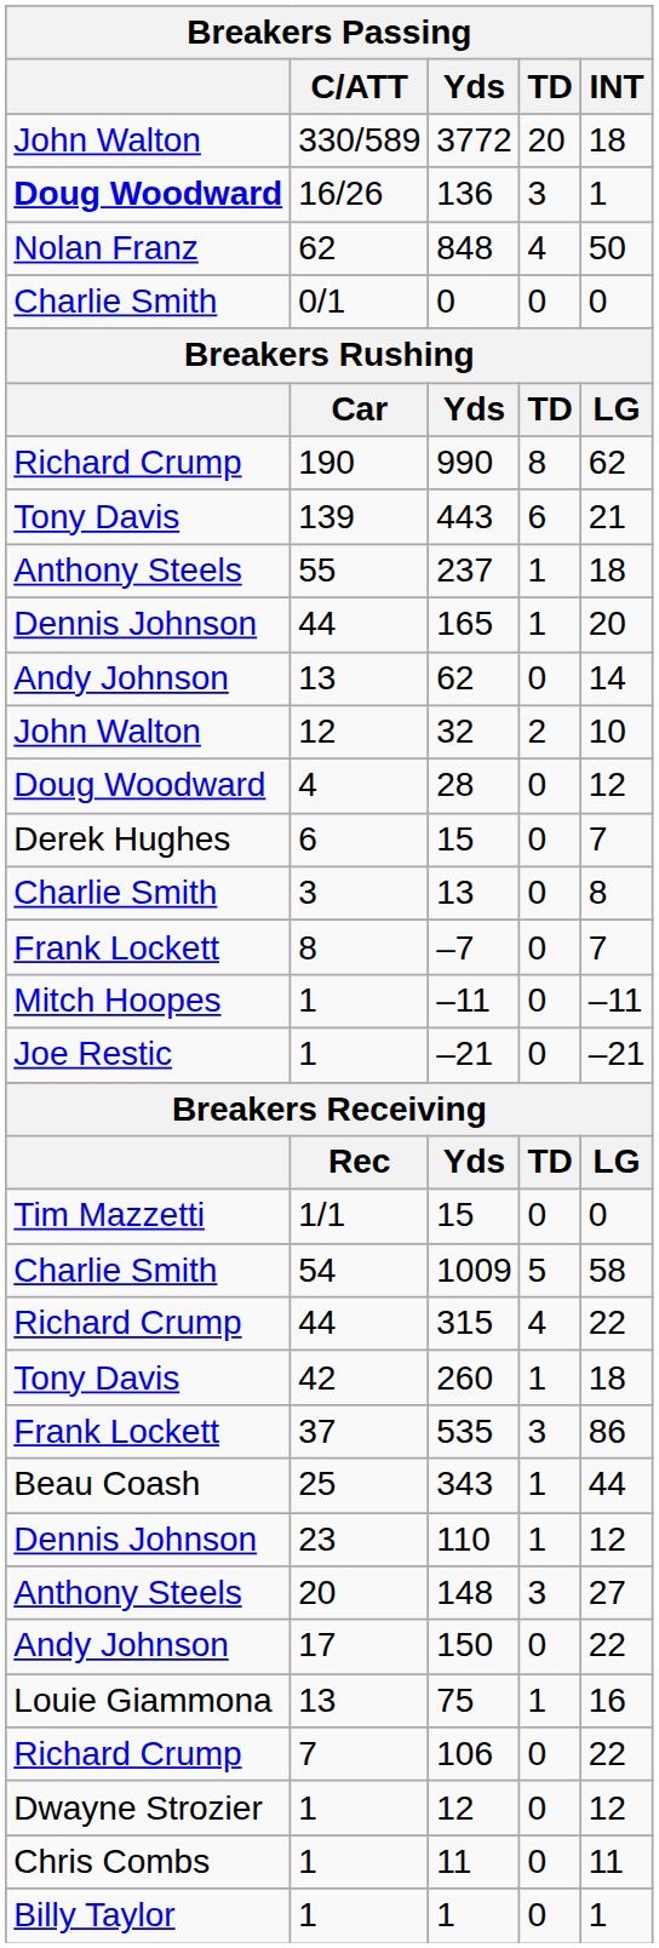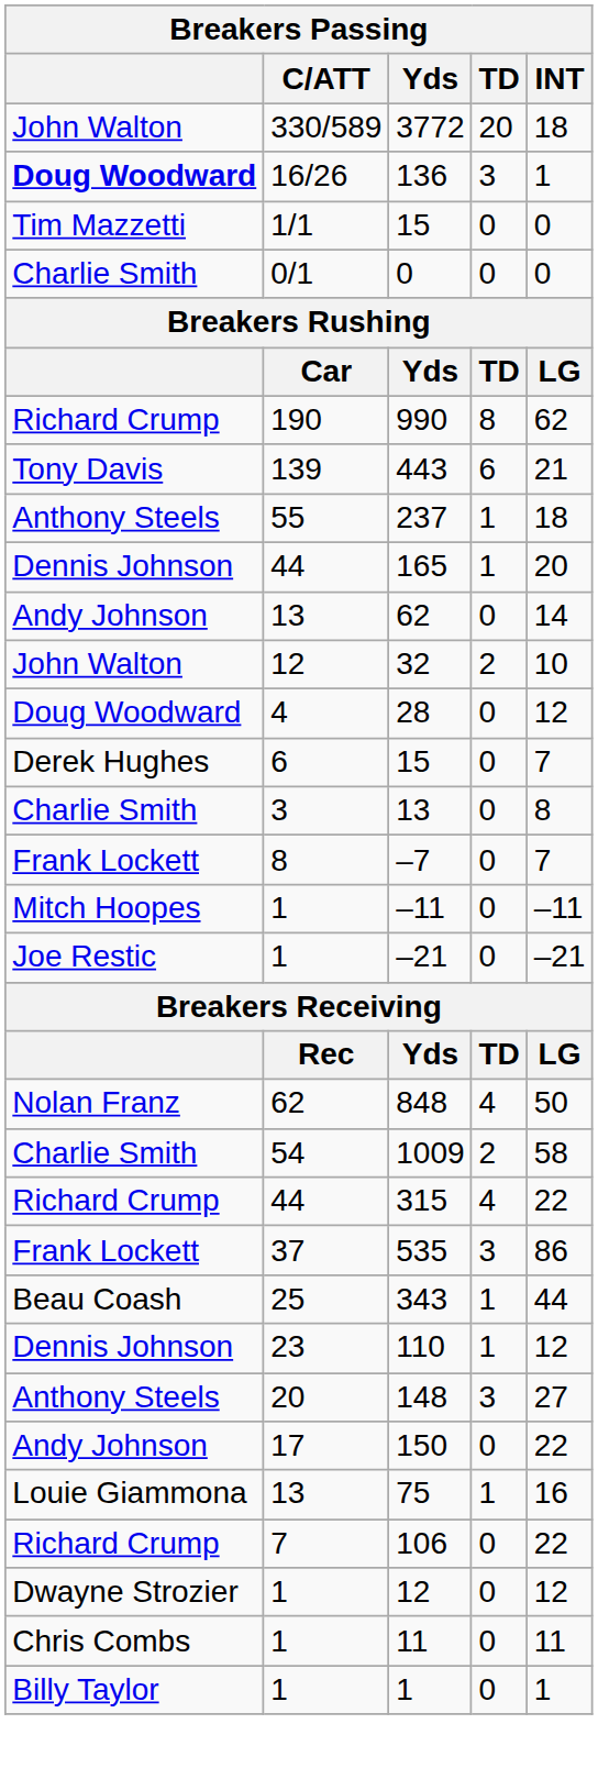 <table class="wikitable">
 <tr>
 <th colspan="5">Breakers Passing</th>
 </tr>
 <tr>
 <th></th>
 <th>C/ATT</th>
 <th>Yds</th>
 <th>TD</th>
 <th>INT</th>
 </tr>
 <tr>
 <td><a href='#'>John Walton</a></td>
 <td>330/589</td>
 <td>3772</td>
 <td>20</td>
 <td>18</td>
 </tr>
 <tr>
 <td><strong><a href='#'>Doug Woodward</a></strong></td>
 <td>16/26</td>
 <td>136</td>
 <td>3</td>
 <td>1</td>
 </tr>
 <tr>
-<td><a href='#'>Nolan Franz</a></td>
-<td>62</td>
-<td>848</td>
-<td>4</td>
-<td>50</td>
+<td><a href='#'>Tim Mazzetti</a></td>
+<td>1/1</td>
+<td>15</td>
+<td>0</td>
+<td>0</td>
 </tr>
 <tr>
 <td><a href='#'>Charlie Smith</a></td>
 <td>0/1</td>
 <td>0</td>
 <td>0</td>
 <td>0</td>
 </tr>
 <tr>
 <th colspan="5">Breakers Rushing</th>
 </tr>
 <tr>
 <th></th>
 <th>Car</th>
 <th>Yds</th>
 <th>TD</th>
 <th>LG</th>
 </tr>
 <tr>
 <td><a href='#'>Richard Crump</a></td>
 <td>190</td>
 <td>990</td>
 <td>8</td>
 <td>62</td>
 </tr>
 <tr>
 <td><a href='#'>Tony Davis</a></td>
 <td>139</td>
 <td>443</td>
 <td>6</td>
 <td>21</td>
 </tr>
 <tr>
 <td><a href='#'>Anthony Steels</a></td>
 <td>55</td>
 <td>237</td>
 <td>1</td>
 <td>18</td>
 </tr>
 <tr>
 <td><a href='#'>Dennis Johnson</a></td>
 <td>44</td>
 <td>165</td>
 <td>1</td>
 <td>20</td>
 </tr>
 <tr>
 <td><a href='#'>Andy Johnson</a></td>
 <td>13</td>
 <td>62</td>
 <td>0</td>
 <td>14</td>
 </tr>
 <tr>
 <td><a href='#'>John Walton</a></td>
 <td>12</td>
 <td>32</td>
 <td>2</td>
 <td>10</td>
 </tr>
 <tr>
 <td><a href='#'>Doug Woodward</a></td>
 <td>4</td>
 <td>28</td>
 <td>0</td>
 <td>12</td>
 </tr>
 <tr>
 <td>Derek Hughes</td>
 <td>6</td>
 <td>15</td>
 <td>0</td>
 <td>7</td>
 </tr>
 <tr>
 <td><a href='#'>Charlie Smith</a></td>
 <td>3</td>
 <td>13</td>
 <td>0</td>
 <td>8</td>
 </tr>
 <tr>
 <td><a href='#'>Frank Lockett</a></td>
 <td>8</td>
 <td>–7</td>
 <td>0</td>
 <td>7</td>
 </tr>
 <tr>
 <td><a href='#'>Mitch Hoopes</a></td>
 <td>1</td>
 <td>–11</td>
 <td>0</td>
 <td>–11</td>
 </tr>
 <tr>
 <td><a href='#'>Joe Restic</a></td>
 <td>1</td>
 <td>–21</td>
 <td>0</td>
 <td>–21</td>
 </tr>
 <tr>
 <th colspan="5">Breakers Receiving</th>
 </tr>
 <tr>
 <th></th>
 <th>Rec</th>
 <th>Yds</th>
 <th>TD</th>
 <th>LG</th>
 </tr>
 <tr>
-<td><a href='#'>Tim Mazzetti</a></td>
-<td>1/1</td>
-<td>15</td>
-<td>0</td>
-<td>0</td>
+<td><a href='#'>Nolan Franz</a></td>
+<td>62</td>
+<td>848</td>
+<td>4</td>
+<td>50</td>
 </tr>
 <tr>
 <td><a href='#'>Charlie Smith</a></td>
 <td>54</td>
 <td>1009</td>
-<td>5</td>
+<td>2</td>
 <td>58</td>
 </tr>
 <tr>
 <td><a href='#'>Richard Crump</a></td>
 <td>44</td>
 <td>315</td>
 <td>4</td>
 <td>22</td>
-</tr>
-<tr>
-<td><a href='#'>Tony Davis</a></td>
-<td>42</td>
-<td>260</td>
-<td>1</td>
-<td>18</td>
 </tr>
 <tr>
 <td><a href='#'>Frank Lockett</a></td>
 <td>37</td>
 <td>535</td>
 <td>3</td>
 <td>86</td>
 </tr>
 <tr>
 <td>Beau Coash</td>
 <td>25</td>
 <td>343</td>
 <td>1</td>
 <td>44</td>
 </tr>
 <tr>
 <td><a href='#'>Dennis Johnson</a></td>
 <td>23</td>
 <td>110</td>
 <td>1</td>
 <td>12</td>
 </tr>
 <tr>
 <td><a href='#'>Anthony Steels</a></td>
 <td>20</td>
 <td>148</td>
 <td>3</td>
 <td>27</td>
 </tr>
 <tr>
 <td><a href='#'>Andy Johnson</a></td>
 <td>17</td>
 <td>150</td>
 <td>0</td>
 <td>22</td>
 </tr>
 <tr>
 <td>Louie Giammona</td>
 <td>13</td>
 <td>75</td>
 <td>1</td>
 <td>16</td>
 </tr>
 <tr>
 <td><a href='#'>Richard Crump</a></td>
 <td>7</td>
 <td>106</td>
 <td>0</td>
 <td>22</td>
 </tr>
 <tr>
 <td>Dwayne Strozier</td>
 <td>1</td>
 <td>12</td>
 <td>0</td>
 <td>12</td>
 </tr>
 <tr>
 <td>Chris Combs</td>
 <td>1</td>
 <td>11</td>
 <td>0</td>
 <td>11</td>
 </tr>
 <tr>
 <td><a href='#'>Billy Taylor</a></td>
 <td>1</td>
 <td>1</td>
 <td>0</td>
 <td>1</td>
 </tr>
 </table>
